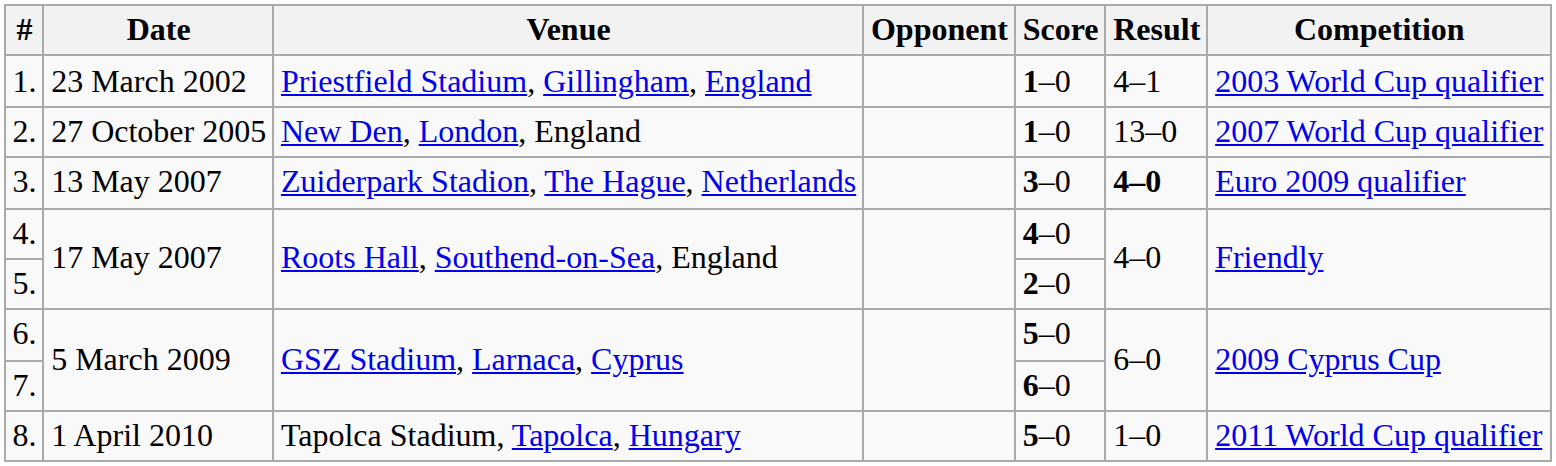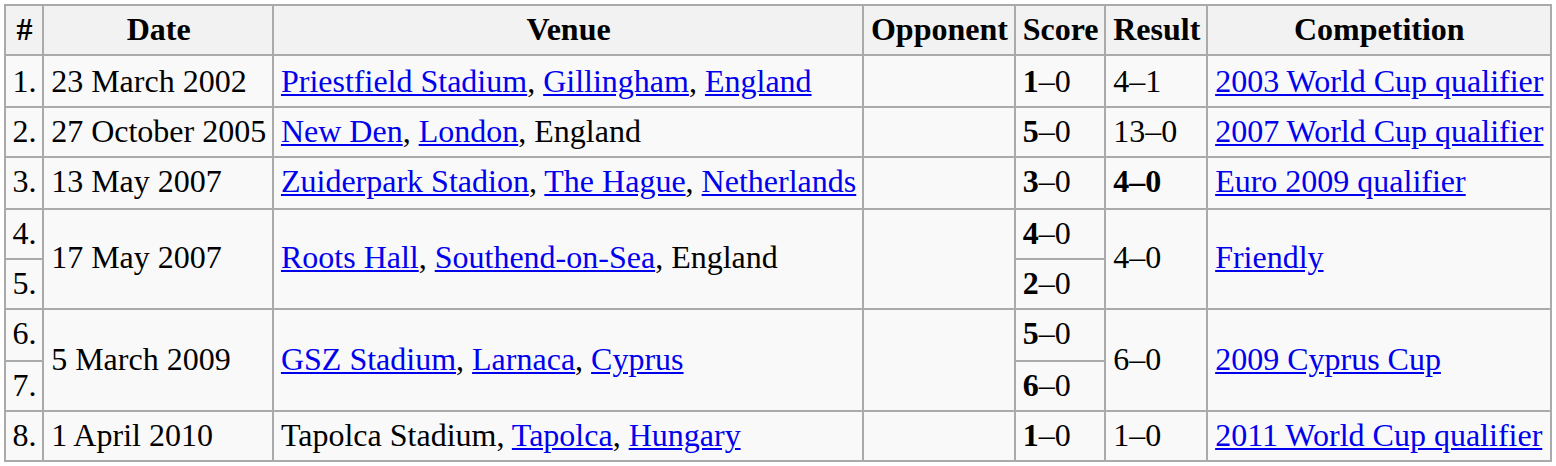 <table class="wikitable">
 <tr>
 <th>#</th>
 <th>Date</th>
 <th>Venue</th>
 <th>Opponent</th>
 <th>Score</th>
 <th>Result</th>
 <th>Competition</th>
 </tr>
 <tr>
 <td>1.</td>
 <td>23 March 2002</td>
 <td><a href='#'>Priestfield Stadium</a>, <a href='#'>Gillingham</a>, <a href='#'>England</a></td>
 <td></td>
 <td><strong>1</strong>–0</td>
 <td>4–1</td>
 <td><a href='#'>2003 World Cup qualifier</a></td>
 </tr>
 <tr>
 <td>2.</td>
 <td>27 October 2005</td>
 <td><a href='#'>New Den</a>, <a href='#'>London</a>, England</td>
 <td></td>
-<td><strong>1</strong>–0</td>
+<td><strong>5</strong>–0</td>
 <td>13–0</td>
 <td><a href='#'>2007 World Cup qualifier</a></td>
 </tr>
 <tr>
 <td>3.</td>
 <td>13 May 2007</td>
 <td><a href='#'>Zuiderpark Stadion</a>, <a href='#'>The Hague</a>, <a href='#'>Netherlands</a></td>
 <td></td>
 <td><strong>3</strong>–0</td>
 <td><strong>4–0</strong></td>
 <td><a href='#'>Euro 2009 qualifier</a></td>
 </tr>
 <tr>
 <td>4.</td>
 <td rowspan="2">17 May 2007</td>
 <td rowspan="2"><a href='#'>Roots Hall</a>, <a href='#'>Southend-on-Sea</a>, England</td>
 <td rowspan="2"></td>
 <td><strong>4</strong>–0</td>
 <td rowspan="2">4–0</td>
 <td rowspan="2"><a href='#'>Friendly</a></td>
 </tr>
 <tr>
 <td>5.</td>
 <td><strong>2</strong>–0</td>
 </tr>
 <tr>
 <td>6.</td>
 <td rowspan="2">5 March 2009</td>
 <td rowspan="2"><a href='#'>GSZ Stadium</a>, <a href='#'>Larnaca</a>, <a href='#'>Cyprus</a></td>
 <td rowspan="2"></td>
 <td><strong>5</strong>–0</td>
 <td rowspan="2">6–0</td>
 <td rowspan="2"><a href='#'>2009 Cyprus Cup</a></td>
 </tr>
 <tr>
 <td>7.</td>
 <td><strong>6</strong>–0</td>
 </tr>
 <tr>
 <td>8.</td>
 <td>1 April 2010</td>
 <td>Tapolca Stadium, <a href='#'>Tapolca</a>, <a href='#'>Hungary</a></td>
 <td></td>
-<td><strong>5</strong>–0</td>
+<td><strong>1</strong>–0</td>
 <td>1–0</td>
 <td><a href='#'>2011 World Cup qualifier</a></td>
 </tr>
 </table>
